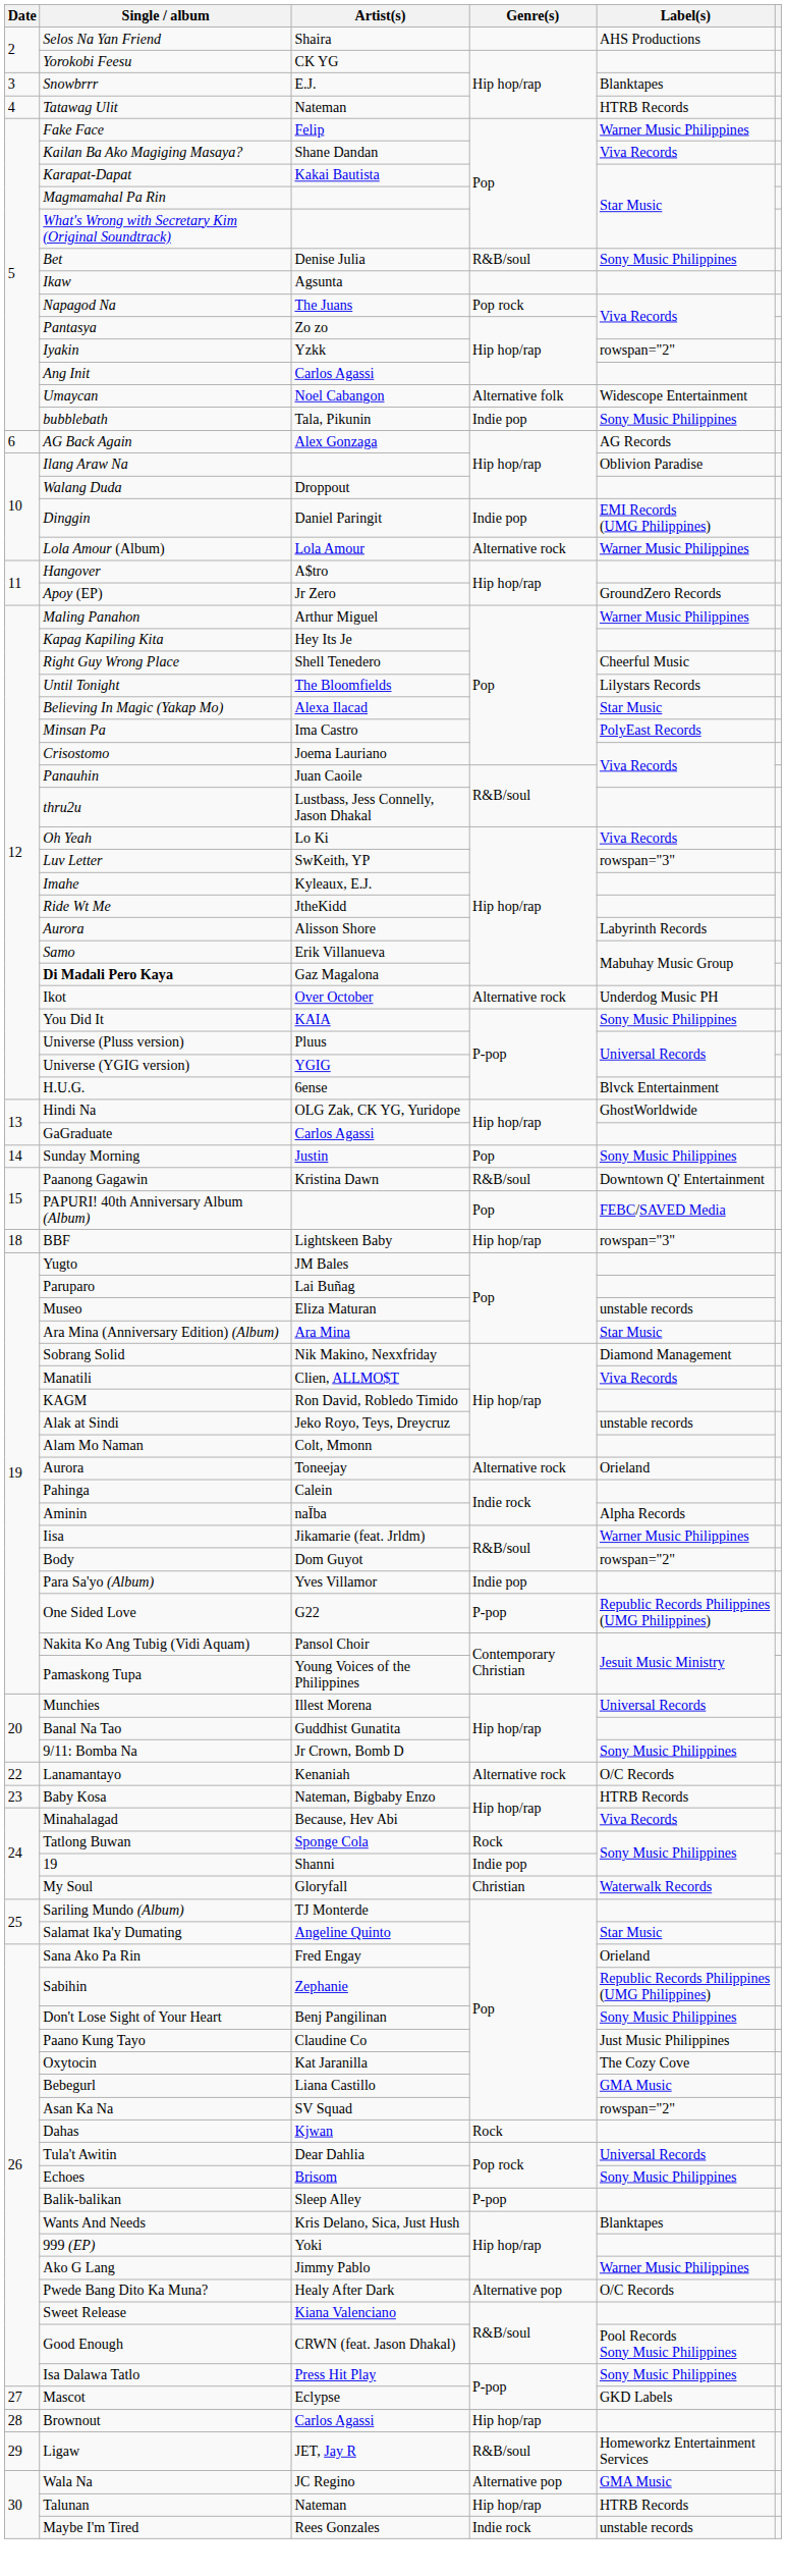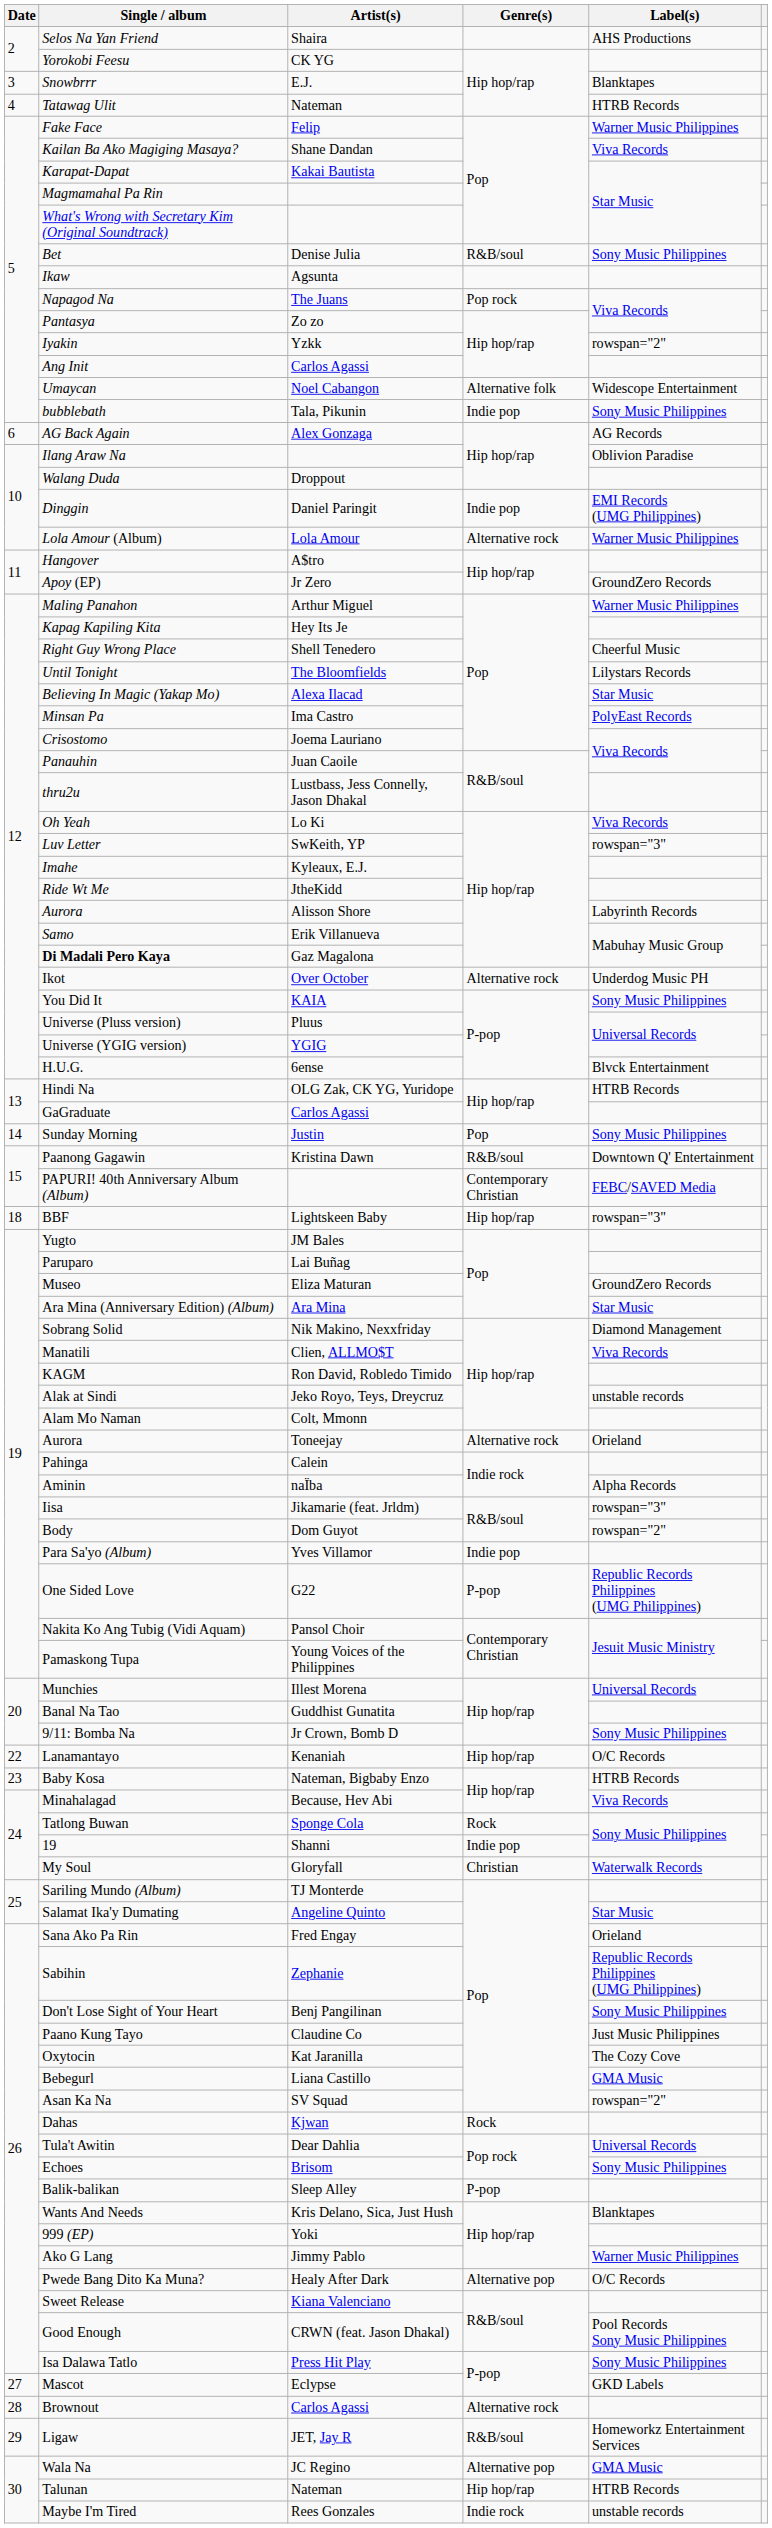 <table class="wikitable">
 <tr>
 <th>Date</th>
 <th>Single / album</th>
 <th>Artist(s)</th>
 <th>Genre(s)</th>
 <th>Label(s)</th>
 <th></th>
 </tr>
 <tr>
 <td rowspan="2">2</td>
 <td><em>Selos Na Yan Friend</em></td>
 <td>Shaira</td>
 <td></td>
 <td>AHS Productions</td>
 <td></td>
 </tr>
 <tr>
 <td><em>Yorokobi Feesu</em></td>
 <td>CK YG</td>
 <td rowspan="3">Hip hop/rap</td>
 <td></td>
 <td></td>
 </tr>
 <tr>
 <td>3</td>
 <td><em>Snowbrrr</em></td>
 <td>E.J.</td>
 <td>Blanktapes</td>
 <td></td>
 </tr>
 <tr>
 <td>4</td>
 <td><em>Tatawag Ulit</em></td>
 <td>Nateman</td>
 <td>HTRB Records</td>
 <td></td>
 </tr>
 <tr>
 <td rowspan="13">5</td>
 <td><em>Fake Face</em></td>
 <td><a href='#'>Felip</a></td>
 <td rowspan="5">Pop</td>
 <td><a href='#'>Warner Music Philippines</a></td>
 <td></td>
 </tr>
 <tr>
 <td><em>Kailan Ba Ako Magiging Masaya?</em></td>
 <td>Shane Dandan</td>
 <td><a href='#'>Viva Records</a></td>
 <td></td>
 </tr>
 <tr>
 <td><em>Karapat-Dapat</em></td>
 <td><a href='#'>Kakai Bautista</a></td>
 <td rowspan="3"><a href='#'>Star Music</a></td>
 <td></td>
 </tr>
 <tr>
 <td><em>Magmamahal Pa Rin</em></td>
 <td></td>
 <td></td>
 </tr>
 <tr>
 <td><em><a href='#'>What's Wrong with Secretary Kim (Original Soundtrack)</a></em></td>
 <td></td>
 <td></td>
 </tr>
 <tr>
 <td><em>Bet</em></td>
 <td>Denise Julia</td>
 <td>R&B/soul</td>
 <td><a href='#'>Sony Music Philippines</a></td>
 <td></td>
 </tr>
 <tr>
 <td><em>Ikaw</em></td>
 <td>Agsunta</td>
 <td></td>
 <td></td>
 <td></td>
 </tr>
 <tr>
 <td><em>Napagod Na</em></td>
 <td><a href='#'>The Juans</a></td>
 <td>Pop rock</td>
 <td rowspan="2"><a href='#'>Viva Records</a></td>
 <td></td>
 </tr>
 <tr>
 <td><em>Pantasya</em></td>
 <td>Zo zo</td>
 <td rowspan="3">Hip hop/rap</td>
 <td></td>
 </tr>
 <tr>
 <td><em>Iyakin</em></td>
 <td>Yzkk</td>
 <td>rowspan="2" </td>
 <td></td>
 </tr>
 <tr>
 <td><em>Ang Init</em></td>
 <td><a href='#'>Carlos Agassi</a></td>
 <td></td>
 </tr>
 <tr>
 <td><em>Umaycan</em></td>
 <td><a href='#'>Noel Cabangon</a></td>
 <td>Alternative folk</td>
 <td>Widescope Entertainment</td>
 <td></td>
 </tr>
 <tr>
 <td><em>bubblebath</em></td>
 <td>Tala, Pikunin</td>
 <td>Indie pop</td>
 <td><a href='#'>Sony Music Philippines</a></td>
 <td></td>
 </tr>
 <tr>
 <td>6</td>
 <td><em>AG Back Again</em></td>
 <td><a href='#'>Alex Gonzaga</a></td>
 <td rowspan="3">Hip hop/rap</td>
 <td>AG Records</td>
 <td></td>
 </tr>
 <tr>
 <td rowspan="4">10</td>
 <td><em>Ilang Araw Na</em></td>
 <td></td>
 <td>Oblivion Paradise</td>
 <td></td>
 </tr>
 <tr>
 <td><em>Walang Duda</em></td>
 <td>Droppout</td>
 <td></td>
 <td></td>
 </tr>
 <tr>
 <td><em>Dinggin</em></td>
 <td>Daniel Paringit</td>
 <td>Indie pop</td>
 <td><a href='#'>EMI Records</a><br>(<a href='#'>UMG Philippines</a>)</td>
 <td></td>
 </tr>
 <tr>
 <td><em>Lola Amour</em> (Album)</td>
 <td><a href='#'>Lola Amour</a></td>
 <td>Alternative rock</td>
 <td><a href='#'>Warner Music Philippines</a></td>
 <td></td>
 </tr>
 <tr>
 <td rowspan="2">11</td>
 <td><em>Hangover</em></td>
 <td>A$tro</td>
 <td rowspan="2">Hip hop/rap</td>
 <td></td>
 <td></td>
 </tr>
 <tr>
 <td><em>Apoy</em> (EP)</td>
 <td>Jr Zero</td>
 <td>GroundZero Records</td>
 <td></td>
 </tr>
 <tr>
 <td rowspan="21">12</td>
 <td><em>Maling Panahon</em></td>
 <td>Arthur Miguel</td>
 <td rowspan="7">Pop</td>
 <td><a href='#'>Warner Music Philippines</a></td>
 <td></td>
 </tr>
 <tr>
 <td><em>Kapag Kapiling Kita</em></td>
 <td>Hey Its Je</td>
 <td></td>
 <td></td>
 </tr>
 <tr>
 <td><em>Right Guy Wrong Place</em></td>
 <td>Shell Tenedero</td>
 <td>Cheerful Music</td>
 <td></td>
 </tr>
 <tr>
 <td><em>Until Tonight</em></td>
 <td><a href='#'>The Bloomfields</a></td>
 <td>Lilystars Records</td>
 <td></td>
 </tr>
 <tr>
 <td><em>Believing In Magic (Yakap Mo)</em></td>
 <td><a href='#'>Alexa Ilacad</a></td>
 <td><a href='#'>Star Music</a></td>
 <td></td>
 </tr>
 <tr>
 <td><em>Minsan Pa</em></td>
 <td>Ima Castro</td>
 <td><a href='#'>PolyEast Records</a></td>
 <td></td>
 </tr>
 <tr>
 <td><em>Crisostomo</em></td>
 <td>Joema Lauriano</td>
 <td rowspan="2"><a href='#'>Viva Records</a></td>
 <td></td>
 </tr>
 <tr>
 <td><em>Panauhin</em></td>
 <td>Juan Caoile</td>
 <td rowspan="2">R&B/soul</td>
 <td></td>
 </tr>
 <tr>
 <td><em>thru2u</em></td>
 <td>Lustbass, Jess Connelly, Jason Dhakal</td>
 <td></td>
 <td></td>
 </tr>
 <tr>
 <td><em>Oh Yeah</em></td>
 <td>Lo Ki</td>
 <td rowspan="7">Hip hop/rap</td>
 <td><a href='#'>Viva Records</a></td>
 <td></td>
 </tr>
 <tr>
 <td><em>Luv Letter</em></td>
 <td>SwKeith, YP</td>
 <td>rowspan="3" </td>
 <td></td>
 </tr>
 <tr>
 <td><em>Imahe</em></td>
 <td>Kyleaux, E.J.</td>
 <td></td>
 </tr>
 <tr>
 <td><em>Ride Wt Me</em></td>
 <td>JtheKidd</td>
 <td></td>
 </tr>
 <tr>
 <td><em>Aurora</em></td>
 <td>Alisson Shore</td>
 <td>Labyrinth Records</td>
 <td></td>
 </tr>
 <tr>
 <td><em>Samo</em></td>
 <td>Erik Villanueva</td>
 <td rowspan="2">Mabuhay Music Group</td>
 <td></td>
 </tr>
 <tr>
 <td><strong>Di Madali Pero Kaya<em></td>
 <td>Gaz Magalona</td>
 <td></td>
 </tr>
 <tr>
 <td></em>Ikot<em></td>
 <td><a href='#'>Over October</a></td>
 <td>Alternative rock</td>
 <td>Underdog Music PH</td>
 <td></td>
 </tr>
 <tr>
 <td></em>You Did It<em></td>
 <td><a href='#'>KAIA</a></td>
 <td rowspan="4">P-pop</td>
 <td><a href='#'>Sony Music Philippines</a></td>
 <td></td>
 </tr>
 <tr>
 <td></em>Universe (Pluss version)<em></td>
 <td>Pluus</td>
 <td rowspan="2"><a href='#'>Universal Records</a></td>
 <td></td>
 </tr>
 <tr>
 <td></em>Universe (YGIG version)<em></td>
 <td><a href='#'>YGIG</a></td>
 <td></td>
 </tr>
 <tr>
 <td></em>H.U.G.<em></td>
 <td>6ense</td>
 <td>Blvck Entertainment</td>
 <td></td>
 </tr>
 <tr>
 <td rowspan="2">13</td>
 <td></em>Hindi Na<em></td>
 <td>OLG Zak, CK YG, Yuridope</td>
 <td rowspan="2">Hip hop/rap</td>
-<td>GhostWorldwide</td>
+<td>HTRB Records</td>
 <td></td>
 </tr>
 <tr>
 <td></em>GaGraduate<em></td>
 <td><a href='#'>Carlos Agassi</a></td>
 <td></td>
 <td></td>
 </tr>
 <tr>
 <td>14</td>
 <td></em>Sunday Morning<em></td>
 <td><a href='#'>Justin</a></td>
 <td>Pop</td>
 <td><a href='#'>Sony Music Philippines</a></td>
 <td></td>
 </tr>
 <tr>
 <td rowspan="2">15</td>
 <td></em>Paanong Gagawin<em></td>
 <td>Kristina Dawn</td>
 <td>R&B/soul</td>
 <td>Downtown Q' Entertainment</td>
 <td></td>
 </tr>
 <tr>
 <td></em>PAPURI! 40th Anniversary Album<em> (Album)</td>
 <td></td>
-<td>Pop</td>
+<td>Contemporary Christian</td>
 <td><a href='#'>FEBC</a>/<a href='#'>SAVED Media</a></td>
 <td></td>
 </tr>
 <tr>
 <td>18</td>
 <td></em>BBF<em></td>
 <td>Lightskeen Baby</td>
 <td>Hip hop/rap</td>
 <td>rowspan="3" </td>
 <td></td>
 </tr>
 <tr>
 <td rowspan="18">19</td>
 <td></em>Yugto<em></td>
 <td>JM Bales</td>
 <td rowspan="4">Pop</td>
 <td></td>
 </tr>
 <tr>
 <td></em>Paruparo<em></td>
 <td>Lai Buñag</td>
 <td></td>
 </tr>
 <tr>
 <td></em>Museo<em></td>
 <td>Eliza Maturan</td>
-<td>unstable records</td>
+<td>GroundZero Records</td>
 </tr>
 <tr>
 <td></em>Ara Mina (Anniversary Edition)<em> (Album)</td>
 <td><a href='#'>Ara Mina</a></td>
 <td><a href='#'>Star Music</a></td>
 <td></td>
 </tr>
 <tr>
 <td></em>Sobrang Solid<em></td>
 <td>Nik Makino, Nexxfriday</td>
 <td rowspan="5">Hip hop/rap</td>
 <td>Diamond Management</td>
 <td></td>
 </tr>
 <tr>
 <td></em>Manatili<em></td>
 <td>Clien, <a href='#'>ALLMO$T</a></td>
 <td><a href='#'>Viva Records</a></td>
 <td></td>
 </tr>
 <tr>
 <td></em>KAGM<em></td>
 <td>Ron David, Robledo Timido</td>
 <td></td>
 <td></td>
 </tr>
 <tr>
 <td></em>Alak at Sindi<em></td>
 <td>Jeko Royo, Teys, Dreycruz</td>
 <td>unstable records</td>
 </tr>
 <tr>
 <td></em>Alam Mo Naman<em></td>
 <td>Colt, Mmonn</td>
 <td></td>
 </tr>
 <tr>
 <td></em>Aurora<em></td>
 <td>Toneejay</td>
 <td>Alternative rock</td>
 <td>Orieland</td>
 <td></td>
 </tr>
 <tr>
 <td></em>Pahinga<em></td>
 <td>Calein</td>
 <td rowspan="2">Indie rock</td>
 <td></td>
 <td></td>
 </tr>
 <tr>
 <td></em>Aminin<em></td>
 <td>naÏba</td>
 <td>Alpha Records</td>
 <td></td>
 </tr>
 <tr>
 <td></em>Iisa<em></td>
 <td>Jikamarie (feat. Jrldm)</td>
 <td rowspan="2">R&B/soul</td>
-<td><a href='#'>Warner Music Philippines</a></td>
+<td>rowspan="3" </td>
 <td></td>
 </tr>
 <tr>
 <td></em>Body<em></td>
 <td>Dom Guyot</td>
 <td>rowspan="2" </td>
 <td></td>
 </tr>
 <tr>
 <td></em>Para Sa'yo<em> (Album)</td>
 <td>Yves Villamor</td>
 <td>Indie pop</td>
 <td></td>
 </tr>
 <tr>
 <td></em>One Sided Love<em></td>
 <td>G22</td>
 <td>P-pop</td>
 <td><a href='#'>Republic Records Philippines</a><br>(<a href='#'>UMG Philippines</a>)</td>
 <td></td>
 </tr>
 <tr>
 <td></em>Nakita Ko Ang Tubig (Vidi Aquam)<em></td>
 <td>Pansol Choir</td>
 <td rowspan="2">Contemporary Christian</td>
 <td rowspan="2"><a href='#'>Jesuit Music Ministry</a></td>
 <td></td>
 </tr>
 <tr>
 <td></em>Pamaskong Tupa<em></td>
 <td>Young Voices of the Philippines</td>
 <td></td>
 </tr>
 <tr>
 <td rowspan="3">20</td>
 <td></em>Munchies<em></td>
 <td>Illest Morena</td>
 <td rowspan="3">Hip hop/rap</td>
 <td><a href='#'>Universal Records</a></td>
 <td></td>
 </tr>
 <tr>
 <td></em>Banal Na Tao<em></td>
 <td>Guddhist Gunatita</td>
 <td></td>
 </tr>
 <tr>
 <td></em>9/11: Bomba Na<em></td>
 <td>Jr Crown, Bomb D</td>
 <td><a href='#'>Sony Music Philippines</a></td>
 <td></td>
 </tr>
 <tr>
 <td>22</td>
 <td></em>Lanamantayo<em></td>
 <td>Kenaniah</td>
-<td>Alternative rock</td>
+<td>Hip hop/rap</td>
 <td>O/C Records</td>
 <td></td>
 </tr>
 <tr>
 <td>23</td>
 <td></em>Baby Kosa<em></td>
 <td>Nateman, Bigbaby Enzo</td>
 <td rowspan="2">Hip hop/rap</td>
 <td>HTRB Records</td>
 <td></td>
 </tr>
 <tr>
 <td rowspan="4">24</td>
 <td></em>Minahalagad<em></td>
 <td>Because, Hev Abi</td>
 <td><a href='#'>Viva Records</a></td>
 <td></td>
 </tr>
 <tr>
 <td></em>Tatlong Buwan<em></td>
 <td><a href='#'>Sponge Cola</a></td>
 <td>Rock</td>
 <td rowspan="2"><a href='#'>Sony Music Philippines</a></td>
 <td></td>
 </tr>
 <tr>
 <td></em>19<em></td>
 <td>Shanni</td>
 <td>Indie pop</td>
 <td></td>
 </tr>
 <tr>
 <td></em>My Soul<em></td>
 <td>Gloryfall</td>
 <td>Christian</td>
 <td><a href='#'>Waterwalk Records</a></td>
 <td></td>
 </tr>
 <tr>
 <td rowspan="2">25</td>
 <td></em>Sariling Mundo<em> (Album)</td>
 <td>TJ Monterde</td>
 <td rowspan="9">Pop</td>
 <td></td>
 <td></td>
 </tr>
 <tr>
 <td></em>Salamat Ika'y Dumating<em></td>
 <td><a href='#'>Angeline Quinto</a></td>
 <td><a href='#'>Star Music</a></td>
 <td></td>
 </tr>
 <tr>
 <td rowspan="18">26</td>
 <td></em>Sana Ako Pa Rin<em></td>
 <td>Fred Engay</td>
 <td>Orieland</td>
 <td></td>
 </tr>
 <tr>
 <td></em>Sabihin<em></td>
 <td><a href='#'>Zephanie</a></td>
 <td><a href='#'>Republic Records Philippines</a><br>(<a href='#'>UMG Philippines</a>)</td>
 <td></td>
 </tr>
 <tr>
 <td></em>Don't Lose Sight of Your Heart<em></td>
 <td>Benj Pangilinan</td>
 <td><a href='#'>Sony Music Philippines</a></td>
 <td></td>
 </tr>
 <tr>
 <td></em>Paano Kung Tayo<em></td>
 <td>Claudine Co</td>
 <td>Just Music Philippines</td>
 <td></td>
 </tr>
 <tr>
 <td></em>Oxytocin<em></td>
 <td>Kat Jaranilla</td>
 <td>The Cozy Cove</td>
 <td></td>
 </tr>
 <tr>
 <td></em>Bebegurl<em></td>
 <td>Liana Castillo</td>
 <td><a href='#'>GMA Music</a></td>
 <td></td>
 </tr>
 <tr>
 <td></em>Asan Ka Na<em></td>
 <td>SV Squad</td>
 <td>rowspan="2" </td>
 <td></td>
 </tr>
 <tr>
 <td></em>Dahas<em></td>
 <td><a href='#'>Kjwan</a></td>
 <td>Rock</td>
 <td></td>
 </tr>
 <tr>
 <td></em>Tula't Awitin<em></td>
 <td>Dear Dahlia</td>
 <td rowspan="2">Pop rock</td>
 <td><a href='#'>Universal Records</a></td>
 <td></td>
 </tr>
 <tr>
 <td></em>Echoes<em></td>
 <td><a href='#'>Brisom</a></td>
 <td><a href='#'>Sony Music Philippines</a></td>
 <td></td>
 </tr>
 <tr>
 <td></em>Balik-balikan<em></td>
 <td>Sleep Alley</td>
 <td>P-pop</td>
 <td></td>
 <td></td>
 </tr>
 <tr>
 <td></em>Wants And Needs<em></td>
 <td>Kris Delano, Sica, Just Hush</td>
 <td rowspan="3">Hip hop/rap</td>
 <td>Blanktapes</td>
 <td></td>
 </tr>
 <tr>
 <td></em>999<em> (EP)</td>
 <td>Yoki</td>
 <td></td>
 <td></td>
 </tr>
 <tr>
 <td></em>Ako G Lang<em></td>
 <td>Jimmy Pablo</td>
 <td><a href='#'>Warner Music Philippines</a></td>
 <td></td>
 </tr>
 <tr>
 <td></em>Pwede Bang Dito Ka Muna?<em></td>
 <td>Healy After Dark</td>
 <td>Alternative pop</td>
 <td>O/C Records</td>
 <td></td>
 </tr>
 <tr>
 <td></em>Sweet Release<em></td>
 <td><a href='#'>Kiana Valenciano</a></td>
 <td rowspan="2">R&B/soul</td>
 <td></td>
 <td></td>
 </tr>
 <tr>
 <td></em>Good Enough<em></td>
 <td>CRWN (feat. Jason Dhakal)</td>
 <td>Pool Records<br><a href='#'>Sony Music Philippines</a></td>
 </tr>
 <tr>
 <td></em>Isa Dalawa Tatlo<em></td>
 <td><a href='#'>Press Hit Play</a></td>
 <td rowspan="2">P-pop</td>
 <td><a href='#'>Sony Music Philippines</a></td>
 <td></td>
 </tr>
 <tr>
 <td>27</td>
 <td></em>Mascot<em></td>
 <td>Eclypse</td>
 <td>GKD Labels</td>
 <td></td>
 </tr>
 <tr>
 <td>28</td>
 <td></em>Brownout<em></td>
 <td><a href='#'>Carlos Agassi</a></td>
-<td>Hip hop/rap</td>
+<td>Alternative rock</td>
 <td></td>
 <td></td>
 </tr>
 <tr>
 <td>29</td>
 <td></em>Ligaw<em></td>
 <td>JET, <a href='#'>Jay R</a></td>
 <td>R&B/soul</td>
 <td>Homeworkz Entertainment Services</td>
 <td></td>
 </tr>
 <tr>
 <td rowspan="3">30</td>
 <td></em>Wala Na<em></td>
 <td>JC Regino</td>
 <td>Alternative pop</td>
 <td><a href='#'>GMA Music</a></td>
 <td></td>
 </tr>
 <tr>
 <td></em>Talunan<em></td>
 <td>Nateman</td>
 <td>Hip hop/rap</td>
 <td>HTRB Records</td>
 <td></td>
 </tr>
 <tr>
 <td></em>Maybe I'm Tired<em></td>
 <td>Rees Gonzales</td>
 <td>Indie rock</td>
 <td>unstable records</td>
 <td></td>
 </tr>
 </table>
